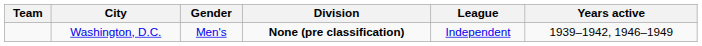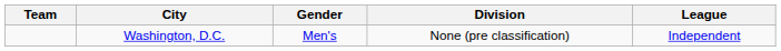 <table class="wikitable sortable" width="60%">
 <tr>
 <th>Team</th>
 <th>City</th>
 <th>Gender</th>
 <th>Division</th>
 <th>League</th>
-<th>Years active</th>
 </tr>
 <tr align=center>
 <td><strong><a href='#'></a></strong></td>
 <td><a href='#'>Washington, D.C.</a></td>
 <td><a href='#'>Men's</a></td>
-<td><strong>None (pre classification)</strong></td>
+<td>None (pre classification)</td>
 <td><a href='#'>Independent</a></td>
-<td>1939–1942, 1946–1949</td>
 </tr>
 </table>
